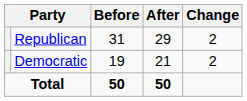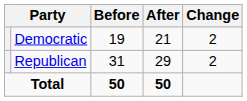 <table class="wikitable" style="text-align:center;">
 <tr>
 <th colspan="2">Party</th>
 <th>Before</th>
 <th>After</th>
 <th>Change</th>
 </tr>
 <tr>
 <th style="background-color:"></th>
-<td style="text-align:left;"><a href='#'>Republican</a></td>
-<td>31</td>
-<td>29</td>
+<td style="text-align:left;"><a href='#'>Democratic</a></td>
+<td>19</td>
+<td>21</td>
 <td> 2</td>
 </tr>
 <tr>
 <th style="background-color:"></th>
-<td style="text-align:left;"><a href='#'>Democratic</a></td>
-<td>19</td>
-<td>21</td>
+<td style="text-align:left;"><a href='#'>Republican</a></td>
+<td>31</td>
+<td>29</td>
 <td> 2</td>
 </tr>
 <tr>
 <td colspan="2"><strong>Total</strong></td>
 <td><strong>50</strong></td>
 <td><strong>50</strong></td>
 <td></td>
 </tr>
 </table>
